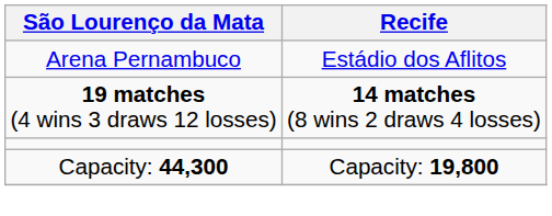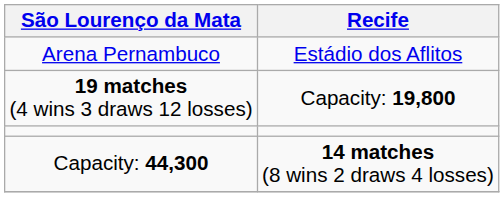 <table class="wikitable" style="text-align:center">
 <tr>
 <th><a href='#'>São Lourenço da Mata</a></th>
 <th><a href='#'>Recife</a></th>
 </tr>
 <tr>
 <td><a href='#'>Arena Pernambuco</a></td>
 <td><a href='#'>Estádio dos Aflitos</a></td>
 </tr>
 <tr>
 <td><strong>19 matches</strong><br>(4 wins 3 draws 12 losses)</td>
-<td><strong>14 matches</strong><br>(8 wins 2 draws 4 losses)</td>
+<td>Capacity: <strong>19,800</strong></td>
 </tr>
 <tr>
 <td></td>
 <td></td>
 </tr>
 <tr>
 <td>Capacity: <strong>44,300</strong></td>
-<td>Capacity: <strong>19,800</strong></td>
+<td><strong>14 matches</strong><br>(8 wins 2 draws 4 losses)</td>
 </tr>
 <tr>
 </tr>
 </table>
